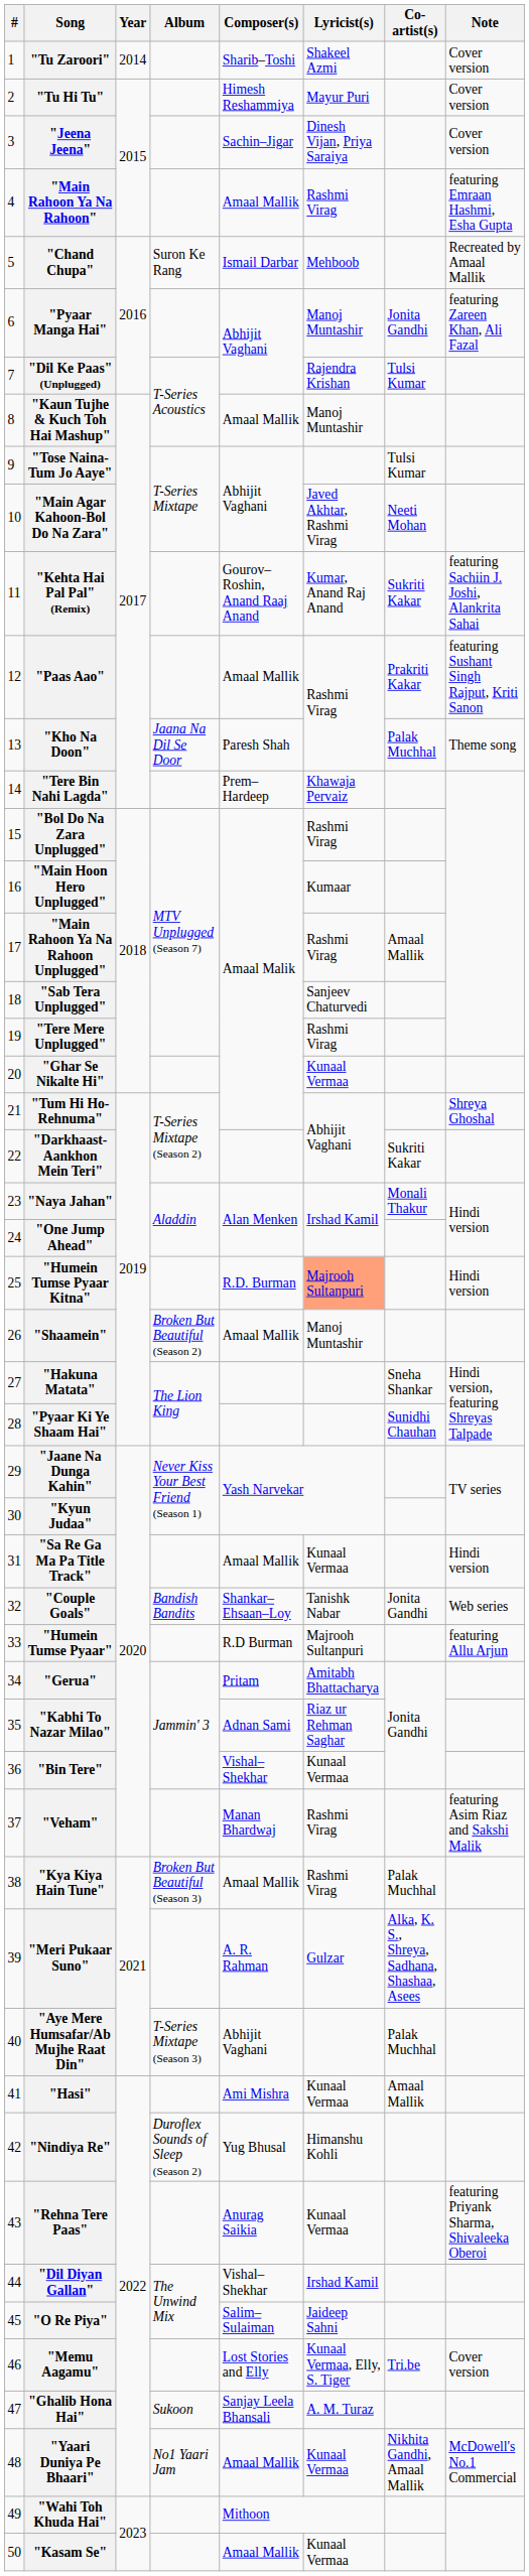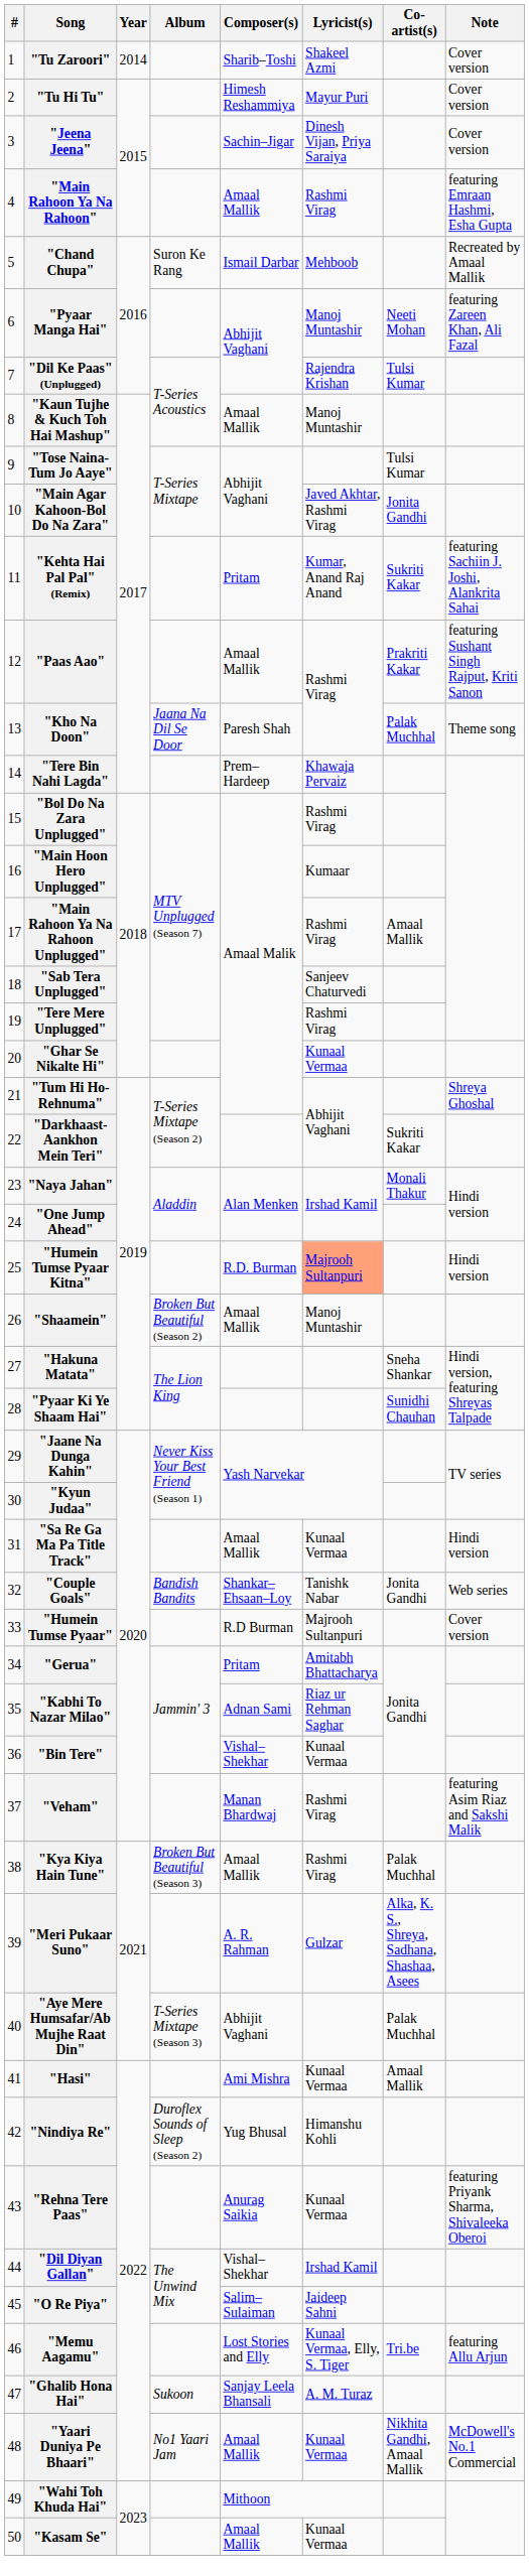 <table class="wikitable plainrowheaders">
 <tr>
 <th>#</th>
 <th scope="col">Song</th>
 <th scope="col">Year</th>
 <th scope="col">Album</th>
 <th scope="col">Composer(s)</th>
 <th scope="col">Lyricist(s)</th>
 <th scope="col">Co-artist(s)</th>
 <th scope="col">Note</th>
 </tr>
 <tr>
 <td>1</td>
 <th scope="row">"Tu Zaroori"</th>
 <td>2014</td>
 <td></td>
 <td><a href='#'>Sharib</a>–<a href='#'>Toshi</a></td>
 <td><a href='#'>Shakeel Azmi</a></td>
 <td></td>
 <td>Cover version</td>
 </tr>
 <tr>
 <td>2</td>
 <th scope="row">"Tu Hi Tu"</th>
 <td rowspan="3">2015</td>
 <td></td>
 <td><a href='#'>Himesh Reshammiya</a></td>
 <td><a href='#'>Mayur Puri</a></td>
 <td></td>
 <td>Cover version</td>
 </tr>
 <tr>
 <td>3</td>
 <th scope="row">"<a href='#'>Jeena Jeena</a>"</th>
 <td></td>
 <td><a href='#'>Sachin–Jigar</a></td>
 <td><a href='#'>Dinesh Vijan</a>, <a href='#'>Priya Saraiya</a></td>
 <td></td>
 <td>Cover version</td>
 </tr>
 <tr>
 <td>4</td>
 <th scope="row">"<a href='#'>Main Rahoon Ya Na Rahoon</a>"</th>
 <td></td>
 <td><a href='#'>Amaal Mallik</a></td>
 <td><a href='#'>Rashmi Virag</a></td>
 <td></td>
 <td>featuring <a href='#'>Emraan Hashmi</a>, <a href='#'>Esha Gupta</a></td>
 </tr>
 <tr>
 <td>5</td>
 <th scope="row">"Chand Chupa"</th>
 <td rowspan="3">2016</td>
 <td>Suron Ke Rang</td>
 <td><a href='#'>Ismail Darbar</a></td>
 <td><a href='#'>Mehboob</a></td>
 <td></td>
 <td>Recreated by Amaal Mallik</td>
 </tr>
 <tr>
 <td>6</td>
 <th scope="row">"Pyaar Manga Hai"</th>
 <td></td>
 <td rowspan="2"><a href='#'>Abhijit Vaghani</a></td>
 <td><a href='#'>Manoj Muntashir</a></td>
-<td><a href='#'>Jonita Gandhi</a></td>
+<td><a href='#'>Neeti Mohan</a></td>
 <td>featuring <a href='#'>Zareen Khan</a>, <a href='#'>Ali Fazal</a></td>
 </tr>
 <tr>
 <td>7</td>
 <th scope="row">"Dil Ke Paas"<br><small>(Unplugged)</small></th>
 <td rowspan="2"><em>T-Series Acoustics</em></td>
 <td><a href='#'>Rajendra Krishan</a></td>
 <td><a href='#'>Tulsi Kumar</a></td>
 <td></td>
 </tr>
 <tr>
 <td>8</td>
 <th scope="row">"Kaun Tujhe & Kuch Toh Hai Mashup"</th>
 <td rowspan="7">2017</td>
 <td>Amaal Mallik</td>
 <td>Manoj Muntashir</td>
 <td></td>
 <td></td>
 </tr>
 <tr>
 <td>9</td>
 <th scope="row">"Tose Naina-Tum Jo Aaye"</th>
 <td rowspan="2"><em>T-Series Mixtape</em></td>
 <td rowspan="2">Abhijit Vaghani</td>
 <td></td>
 <td>Tulsi Kumar</td>
 <td></td>
 </tr>
 <tr>
 <td>10</td>
 <th scope="row">"Main Agar Kahoon-Bol Do Na Zara"</th>
 <td><a href='#'>Javed Akhtar</a>, Rashmi Virag</td>
-<td><a href='#'>Neeti Mohan</a></td>
+<td><a href='#'>Jonita Gandhi</a></td>
 <td></td>
 </tr>
 <tr>
 <td>11</td>
 <th scope="row">"Kehta Hai Pal Pal"<br><small>(Remix)</small></th>
 <td></td>
-<td>Gourov–Roshin, <a href='#'>Anand Raaj Anand</a></td>
+<td><a href='#'>Pritam</a></td>
 <td><a href='#'>Kumar</a>, Anand Raj Anand</td>
 <td><a href='#'>Sukriti Kakar</a></td>
 <td>featuring <a href='#'>Sachiin J. Joshi</a>, <a href='#'>Alankrita Sahai</a></td>
 </tr>
 <tr>
 <td>12</td>
 <th scope="row">"Paas Aao"</th>
 <td></td>
 <td>Amaal Mallik</td>
 <td rowspan="2">Rashmi Virag</td>
 <td><a href='#'>Prakriti Kakar</a></td>
 <td>featuring <a href='#'>Sushant Singh Rajput</a>, <a href='#'>Kriti Sanon</a></td>
 </tr>
 <tr>
 <td>13</td>
 <th scope="row">"Kho Na Doon"</th>
 <td><em><a href='#'>Jaana Na Dil Se Door</a></em></td>
 <td>Paresh Shah</td>
 <td><a href='#'>Palak Muchhal</a></td>
 <td>Theme song</td>
 </tr>
 <tr>
 <td>14</td>
 <th scope="row">"Tere Bin Nahi Lagda"</th>
 <td></td>
 <td>Prem–Hardeep</td>
 <td><a href='#'>Khawaja Pervaiz</a></td>
 <td></td>
 </tr>
 <tr>
 <td>15</td>
 <th scope="row">"Bol Do Na Zara Unplugged"</th>
 <td rowspan="6">2018</td>
 <td rowspan="5"><em><a href='#'>MTV Unplugged</a></em><br><small>(Season 7)</small></td>
 <td rowspan="7">Amaal Malik</td>
 <td>Rashmi Virag</td>
 <td></td>
 </tr>
 <tr>
 <td>16</td>
 <th scope="row">"Main Hoon Hero Unplugged"</th>
 <td>Kumaar</td>
 <td></td>
 </tr>
 <tr>
 <td>17</td>
 <th scope="row">"Main Rahoon Ya Na Rahoon Unplugged"</th>
 <td>Rashmi Virag</td>
 <td>Amaal Mallik</td>
 </tr>
 <tr>
 <td>18</td>
 <th scope="row">"Sab Tera Unplugged"</th>
 <td>Sanjeev Chaturvedi</td>
 <td></td>
 </tr>
 <tr>
 <td>19</td>
 <th scope="row">"Tere Mere Unplugged"</th>
 <td>Rashmi Virag</td>
 <td></td>
 </tr>
 <tr>
 <td>20</td>
 <th scope="row">"Ghar Se Nikalte Hi"</th>
 <td></td>
 <td><a href='#'>Kunaal Vermaa</a></td>
 <td></td>
 <td></td>
 </tr>
 <tr>
 <td>21</td>
 <th scope="row">"Tum Hi Ho-Rehnuma"</th>
 <td rowspan="8">2019</td>
 <td rowspan="2"><em>T-Series Mixtape</em><br><small>(Season 2)</small></td>
 <td rowspan="2">Abhijit Vaghani</td>
 <td></td>
 <td><a href='#'>Shreya Ghoshal</a></td>
 </tr>
 <tr>
 <td>22</td>
 <th scope="row">"Darkhaast-Aankhon Mein Teri"</th>
 <td></td>
 <td>Sukriti Kakar</td>
 </tr>
 <tr>
 <td>23</td>
 <th scope="row">"Naya Jahan"</th>
 <td rowspan="2"><em><a href='#'>Aladdin</a></em></td>
 <td rowspan="2"><a href='#'>Alan Menken</a></td>
 <td rowspan="2"><a href='#'>Irshad Kamil</a></td>
 <td><a href='#'>Monali Thakur</a></td>
 <td rowspan="2">Hindi version</td>
 </tr>
 <tr>
 <td>24</td>
 <th scope="row">"One Jump Ahead"</th>
 </tr>
 <tr>
 <td>25</td>
 <th scope="row">"Humein Tumse Pyaar Kitna"</th>
 <td></td>
 <td><a href='#'>R.D. Burman</a></td>
 <td style="background: lightsalmon;"><a href='#'>Majrooh Sultanpuri</a></td>
 <td></td>
 <td>Hindi version</td>
 </tr>
 <tr>
 <td>26</td>
 <th scope="row">"Shaamein"</th>
 <td><em><a href='#'>Broken But Beautiful</a></em><br><small>(Season 2)</small></td>
 <td>Amaal Mallik</td>
 <td>Manoj Muntashir</td>
 <td></td>
 </tr>
 <tr>
 <td>27</td>
 <th scope="row">"Hakuna Matata"</th>
 <td rowspan="2"><em><a href='#'>The Lion King</a></em></td>
 <td></td>
 <td></td>
 <td>Sneha Shankar</td>
 <td rowspan="2">Hindi version, featuring <a href='#'>Shreyas Talpade</a></td>
 </tr>
 <tr>
 <td>28</td>
 <th scope="row">"Pyaar Ki Ye Shaam Hai"</th>
 <td></td>
 <td></td>
 <td><a href='#'>Sunidhi Chauhan</a></td>
 </tr>
 <tr>
 <td>29</td>
 <th scope="row">"Jaane Na Dunga Kahin"</th>
 <td rowspan="9">2020</td>
 <td rowspan="2"><em><a href='#'>Never Kiss Your Best Friend</a></em><br><small>(Season 1)</small></td>
 <td colspan="2" rowspan="2"><a href='#'>Yash Narvekar</a></td>
 <td></td>
 <td rowspan="2">TV series</td>
 </tr>
 <tr>
 <td>30</td>
 <th scope="row">"Kyun Judaa"</th>
 <td></td>
 </tr>
 <tr>
 <td>31</td>
 <th scope="row">"Sa Re Ga Ma Pa Title Track"</th>
 <td></td>
 <td>Amaal Mallik</td>
 <td>Kunaal Vermaa</td>
 <td></td>
 <td>Hindi version</td>
 </tr>
 <tr>
 <td>32</td>
 <th scope="row">"Couple Goals"</th>
 <td><em><a href='#'>Bandish Bandits</a></em></td>
 <td><a href='#'>Shankar–Ehsaan–Loy</a></td>
 <td>Tanishk Nabar</td>
 <td>Jonita Gandhi</td>
 <td>Web series</td>
 </tr>
 <tr>
 <td>33</td>
 <th scope="row">"Humein Tumse Pyaar"</th>
 <td></td>
 <td>R.D Burman</td>
 <td>Majrooh Sultanpuri</td>
 <td></td>
-<td>featuring <a href='#'>Allu Arjun</a></td>
+<td>Cover version</td>
 </tr>
 <tr>
 <td>34</td>
 <th scope="row">"Gerua"</th>
 <td rowspan="3"><em>Jammin' 3</em></td>
 <td><a href='#'>Pritam</a></td>
 <td><a href='#'>Amitabh Bhattacharya</a></td>
 <td rowspan="3">Jonita Gandhi</td>
 <td></td>
 </tr>
 <tr>
 <td>35</td>
 <th scope="row">"Kabhi To Nazar Milao"</th>
 <td><a href='#'>Adnan Sami</a></td>
 <td><a href='#'>Riaz ur Rehman Saghar</a></td>
 <td></td>
 </tr>
 <tr>
 <td>36</td>
 <th scope="row">"Bin Tere"</th>
 <td><a href='#'>Vishal–Shekhar</a></td>
 <td>Kunaal Vermaa</td>
 <td></td>
 </tr>
 <tr>
 <td>37</td>
 <th scope="row">"Veham"</th>
 <td></td>
 <td><a href='#'>Manan Bhardwaj</a></td>
 <td>Rashmi Virag</td>
 <td></td>
 <td>featuring Asim Riaz and <a href='#'>Sakshi Malik</a></td>
 </tr>
 <tr>
 <td>38</td>
 <th scope="row">"Kya Kiya Hain Tune"</th>
 <td rowspan="3">2021</td>
 <td><em><a href='#'>Broken But Beautiful</a></em> <br><small>(Season 3)</small></td>
 <td>Amaal Mallik</td>
 <td>Rashmi Virag</td>
 <td>Palak Muchhal</td>
 <td></td>
 </tr>
 <tr>
 <td>39</td>
 <th scope="row">"Meri Pukaar Suno"</th>
 <td></td>
 <td><a href='#'>A. R. Rahman</a></td>
 <td><a href='#'>Gulzar</a></td>
 <td><a href='#'>Alka</a>, <a href='#'>K. S.</a>, <a href='#'>Shreya</a>, <a href='#'>Sadhana</a>, <a href='#'>Shashaa</a>, <a href='#'>Asees</a></td>
 <td></td>
 </tr>
 <tr>
 <td>40</td>
 <th scope="row">"Aye Mere Humsafar/Ab Mujhe Raat Din"</th>
 <td><em>T-Series Mixtape</em><br><small>(Season 3)</small></td>
 <td>Abhijit Vaghani</td>
 <td></td>
 <td>Palak Muchhal</td>
 <td></td>
 </tr>
 <tr>
 <td>41</td>
 <th scope="row">"Hasi"</th>
 <td rowspan="8">2022</td>
 <td></td>
 <td><a href='#'>Ami Mishra</a></td>
 <td>Kunaal Vermaa</td>
 <td>Amaal Mallik</td>
 </tr>
 <tr>
 <td>42</td>
 <th scope="row">"Nindiya Re"</th>
 <td><em>Duroflex Sounds of Sleep</em><br><small>(Season 2)</small></td>
 <td>Yug Bhusal</td>
 <td>Himanshu Kohli</td>
 <td></td>
 <td></td>
 </tr>
 <tr>
 <td>43</td>
 <th scope="row">"Rehna Tere Paas"</th>
 <td></td>
 <td><a href='#'>Anurag Saikia</a></td>
 <td>Kunaal Vermaa</td>
 <td></td>
 <td>featuring Priyank Sharma, <a href='#'>Shivaleeka Oberoi</a></td>
 </tr>
 <tr>
 <td>44</td>
 <th scope="row">"<a href='#'>Dil Diyan Gallan</a>"</th>
 <td rowspan="2"><em>The Unwind Mix</em></td>
 <td>Vishal–Shekhar</td>
 <td><a href='#'>Irshad Kamil</a></td>
 <td></td>
 <td></td>
 </tr>
 <tr>
 <td>45</td>
 <th scope="row">"O Re Piya"</th>
 <td><a href='#'>Salim–Sulaiman</a></td>
 <td><a href='#'>Jaideep Sahni</a></td>
 <td></td>
 <td></td>
 </tr>
 <tr>
 <td>46</td>
 <th scope="row">"Memu Aagamu"</th>
 <td></td>
 <td><a href='#'>Lost Stories</a> and <a href='#'>Elly</a></td>
 <td><a href='#'>Kunaal Vermaa</a>, Elly, <a href='#'>S. Tiger</a></td>
 <td><a href='#'>Tri.be</a></td>
-<td>Cover version</td>
+<td>featuring <a href='#'>Allu Arjun</a></td>
 </tr>
 <tr>
 <td>47</td>
 <th scope="row">"Ghalib Hona Hai"</th>
 <td><em>Sukoon</em></td>
 <td><a href='#'>Sanjay Leela Bhansali</a></td>
 <td><a href='#'>A. M. Turaz</a></td>
 <td></td>
 <td></td>
 </tr>
 <tr>
 <td>48</td>
 <th scope="row">"Yaari Duniya Pe Bhaari"</th>
 <td><em>No1 Yaari Jam</em></td>
 <td><a href='#'>Amaal Mallik</a></td>
 <td><a href='#'>Kunaal Vermaa</a></td>
 <td><a href='#'>Nikhita Gandhi</a>, Amaal Mallik</td>
 <td><a href='#'>McDowell's No.1</a> Commercial</td>
 </tr>
 <tr>
 <td>49</td>
 <th scope="row">"Wahi Toh Khuda Hai"</th>
 <td rowspan="2">2023</td>
 <td></td>
 <td colspan="2"><a href='#'>Mithoon</a></td>
 <td></td>
 </tr>
 <tr>
 <td>50</td>
 <th scope="row">"Kasam Se"</th>
 <td></td>
 <td><a href='#'>Amaal Mallik</a></td>
 <td>Kunaal Vermaa</td>
 <td></td>
 </tr>
 </table>
